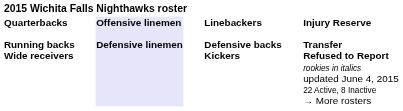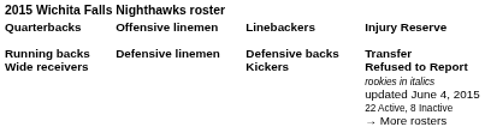 <table class="toccolours" style="text-align: left;">
 <tr>
 <th colspan="7"><strong>2015 Wichita Falls Nighthawks roster</strong></th>
 </tr>
 <tr>
 <td style="font-size: 95%;vertical-align:top;"><strong>Quarterbacks</strong><br><br><strong>Running backs</strong> <br><strong>Wide receivers</strong>   </td>
 <td style="width: 25px;"></td>
-<td style="background: lavender; font-size: 95%;vertical-align:top;"><strong>Offensive linemen</strong><br>   <br><strong>Defensive linemen</strong>    </td>
+<td style="font-size: 95%;vertical-align:top;"><strong>Offensive linemen</strong><br>   <br><strong>Defensive linemen</strong>    </td>
 <td style="width: 25px;"></td>
 <td style="font-size: 95%;vertical-align:top;"><strong>Linebackers</strong><br><br><strong>Defensive backs</strong>       <br><strong>Kickers</strong> </td>
 <td style="width: 25px;"></td>
 <td style="font-size: 95%;vertical-align:top;"><strong>Injury Reserve</strong><br>  <br><strong>Transfer</strong> <br><strong>Refused to Report</strong>    <br><small><em>rookies in italics</em></small><br>  updated June 4, 2015<br> <small>22 Active, 8 Inactive</small><br>→ More rosters</td>
 </tr>
 <tr>
 </tr>
 </table>
